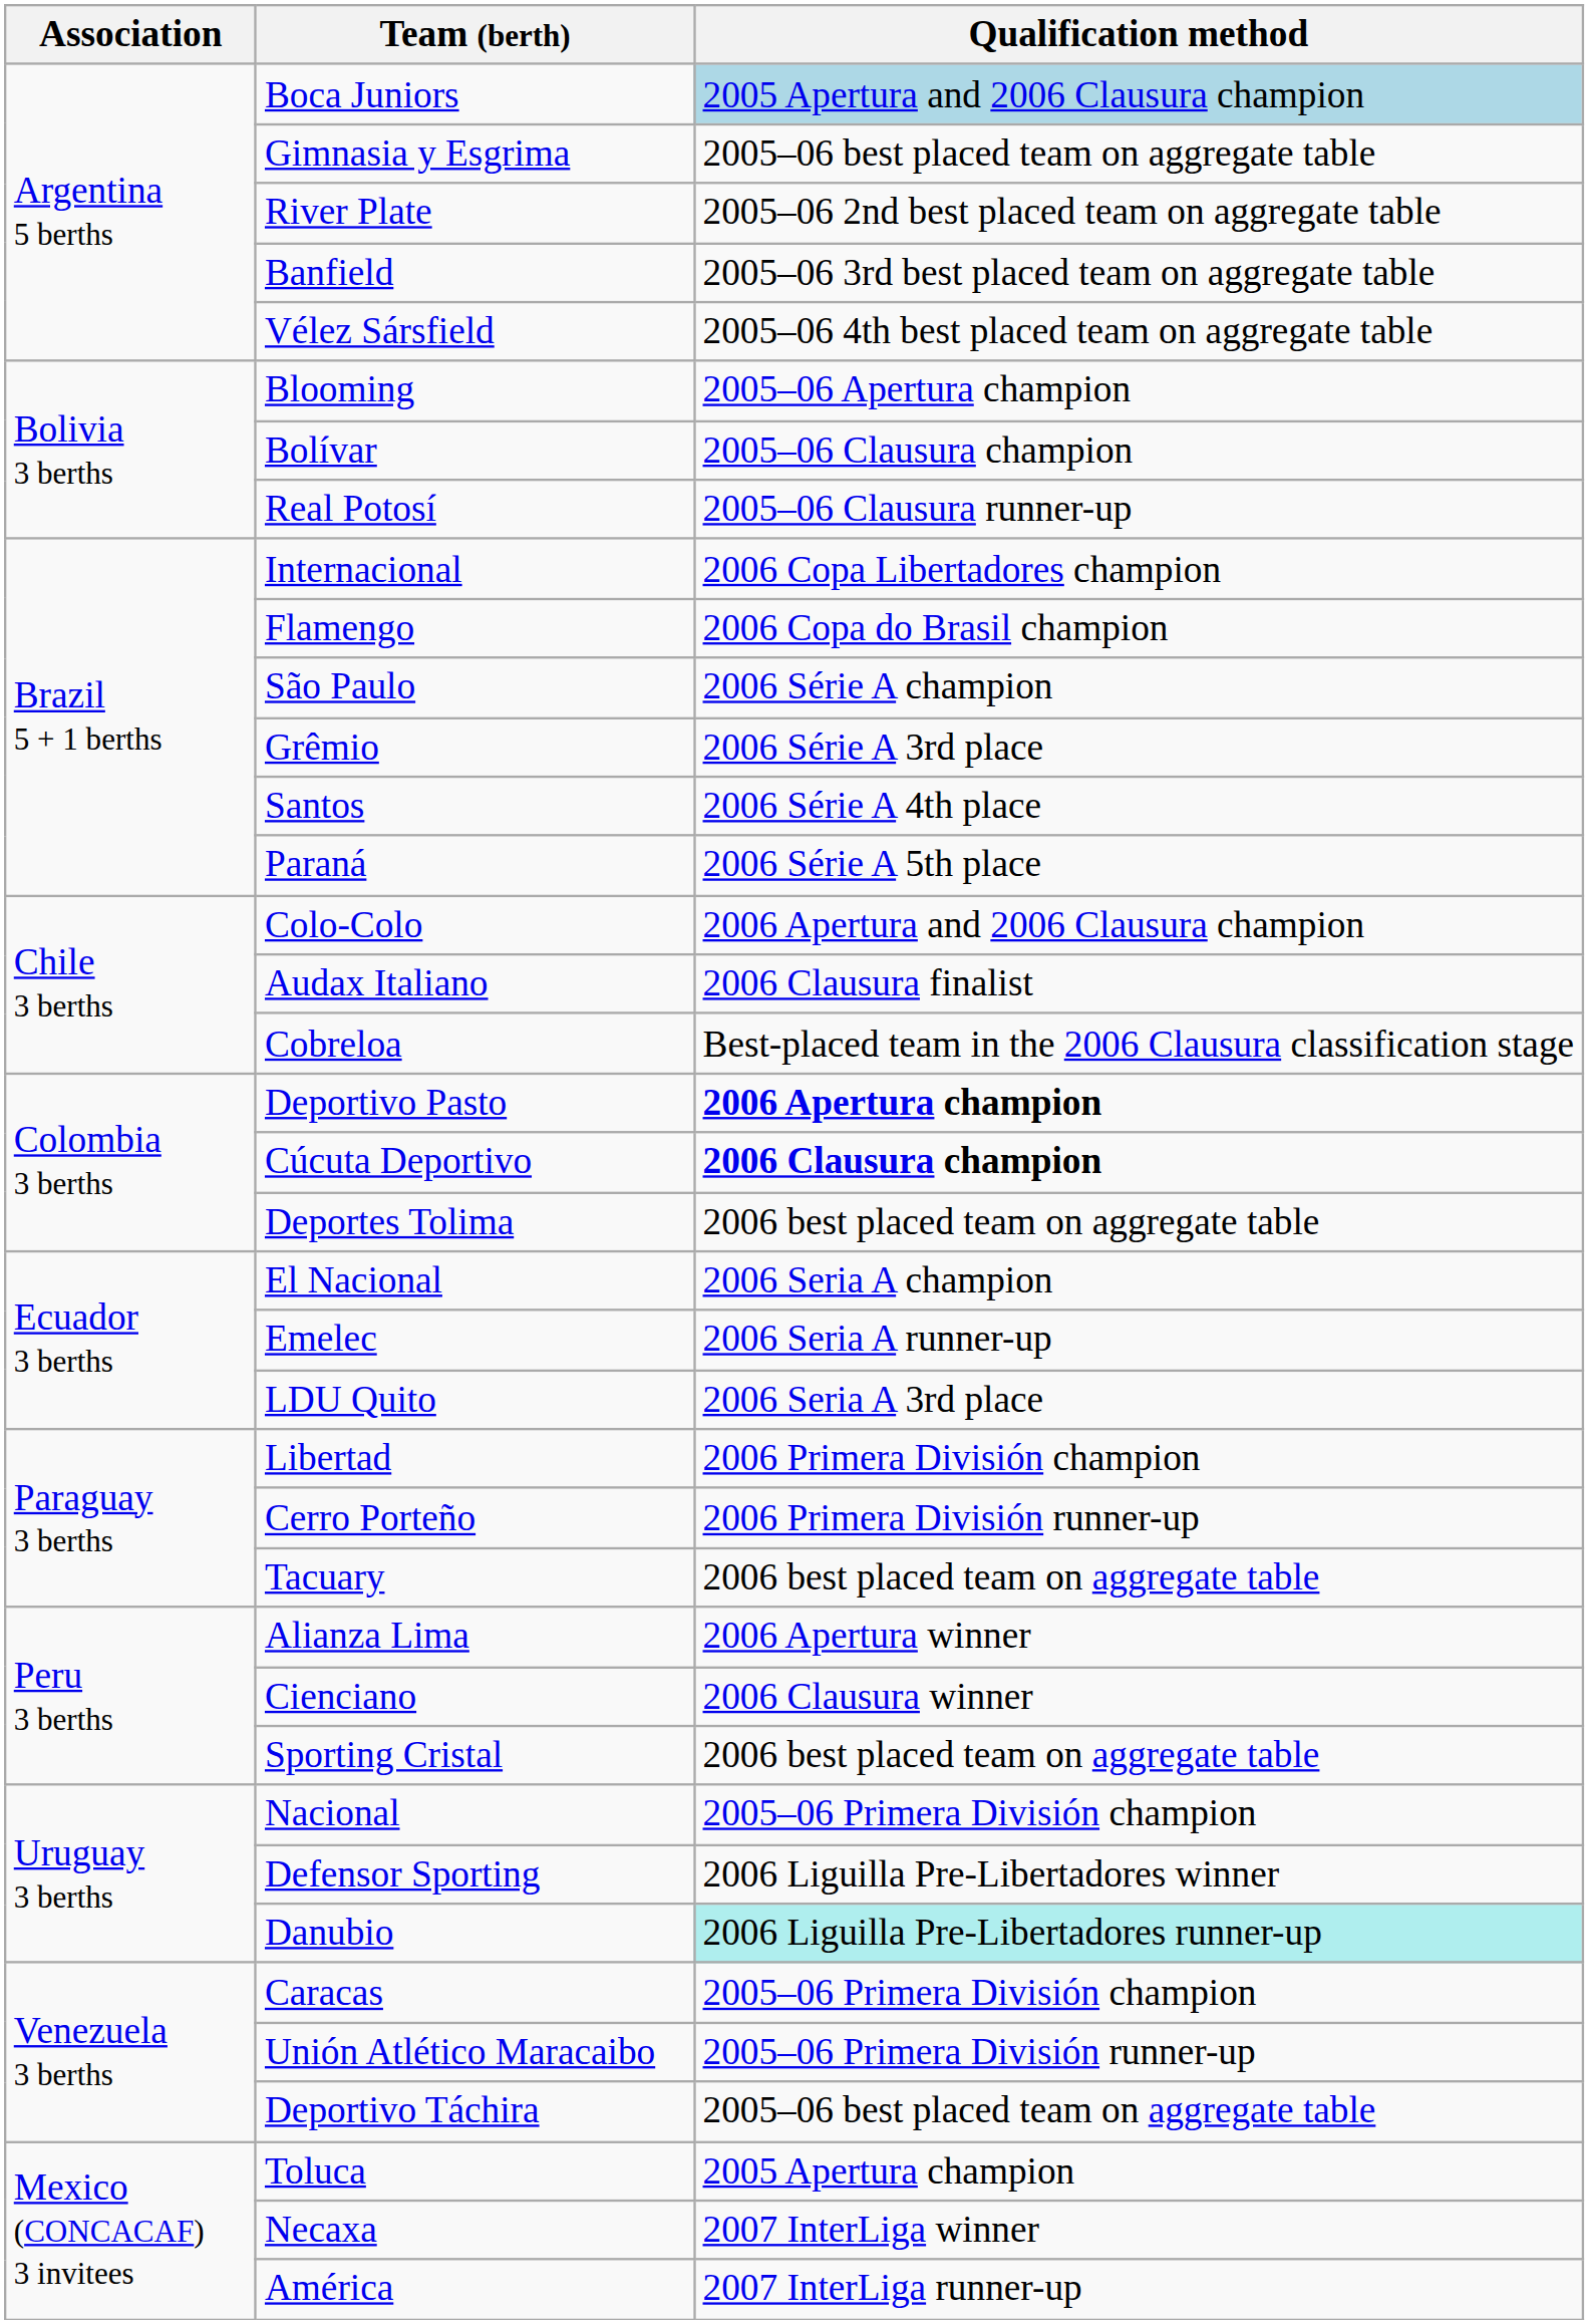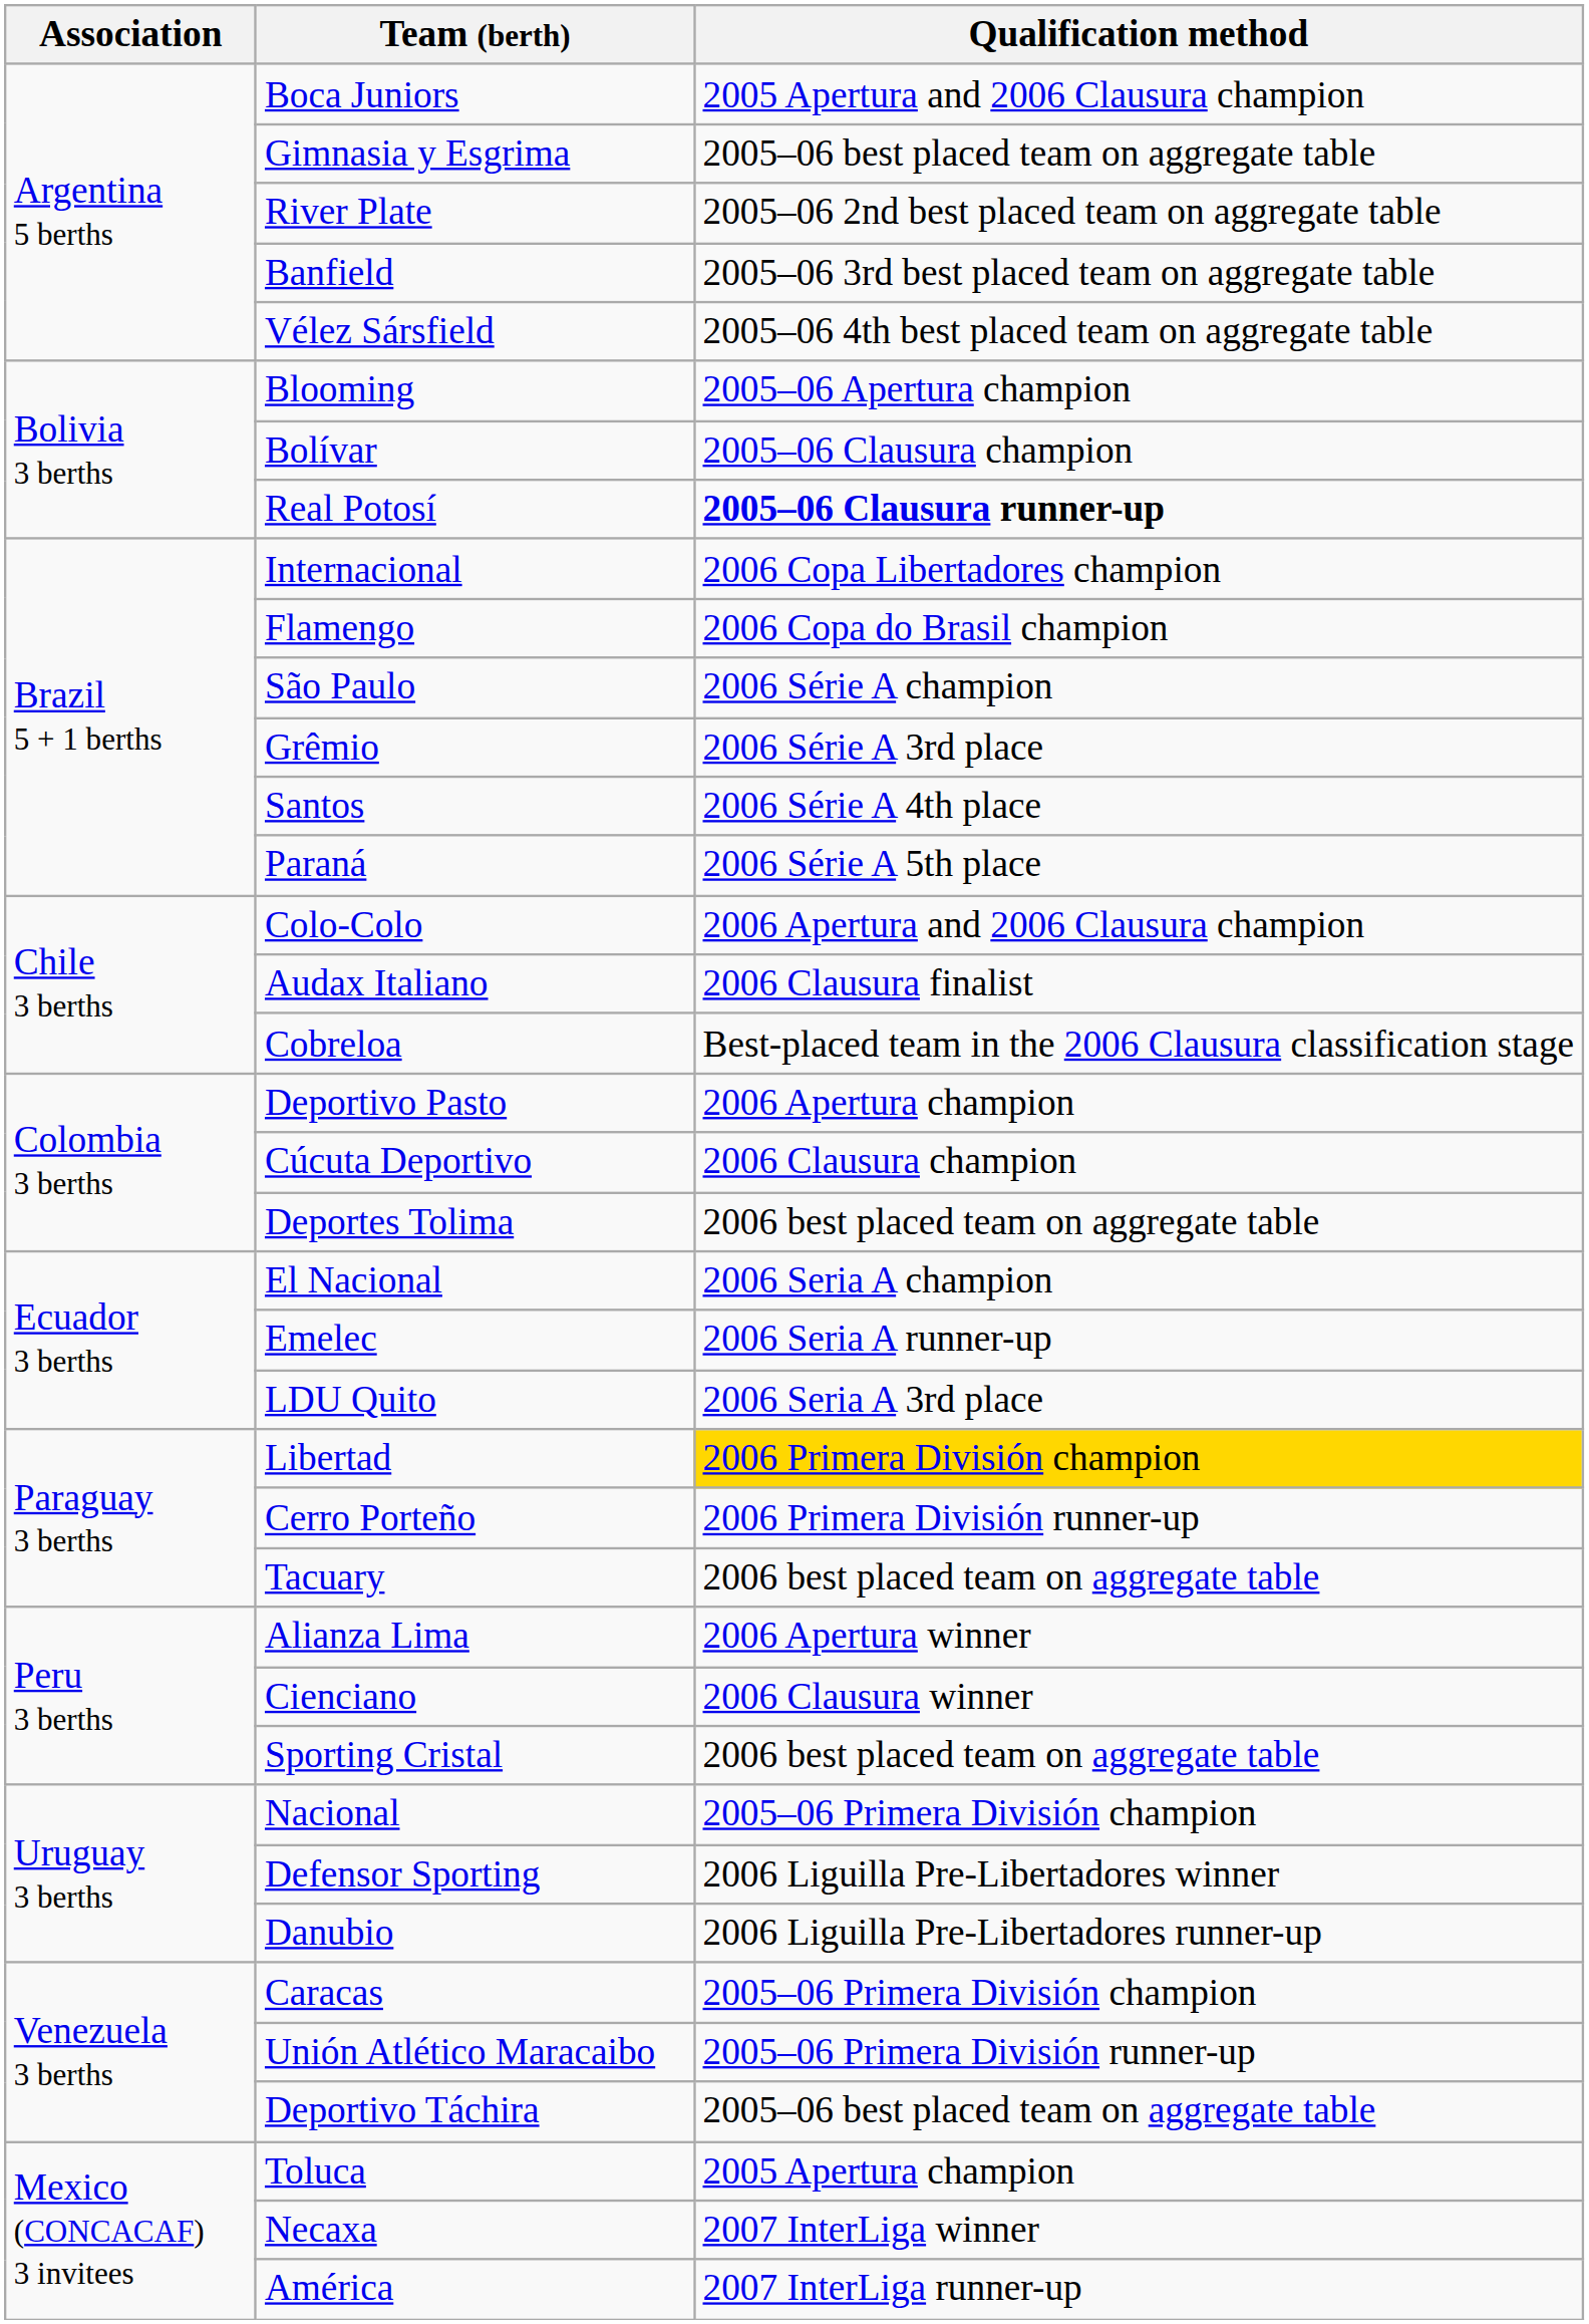 <table class="wikitable">
 <tr>
 <th width=100>Association</th>
 <th width=180>Team <small>(berth)</small></th>
 <th>Qualification method</th>
 </tr>
 <tr>
 <td rowspan="5"> <a href='#'>Argentina</a><br><small>5 berths</small></td>
 <td><a href='#'>Boca Juniors</a></td>
-<td style="background: lightblue;"><a href='#'>2005 Apertura</a> and <a href='#'>2006 Clausura</a> champion</td>
+<td><a href='#'>2005 Apertura</a> and <a href='#'>2006 Clausura</a> champion</td>
 </tr>
 <tr>
 <td><a href='#'>Gimnasia y Esgrima</a></td>
 <td>2005–06 best placed team on aggregate table</td>
 </tr>
 <tr>
 <td><a href='#'>River Plate</a></td>
 <td>2005–06 2nd best placed team on aggregate table</td>
 </tr>
 <tr>
 <td><a href='#'>Banfield</a></td>
 <td>2005–06 3rd best placed team on aggregate table</td>
 </tr>
 <tr>
 <td><a href='#'>Vélez Sársfield</a></td>
 <td>2005–06 4th best placed team on aggregate table</td>
 </tr>
 <tr>
 <td rowspan="3"> <a href='#'>Bolivia</a><br><small>3 berths</small></td>
 <td><a href='#'>Blooming</a></td>
 <td><a href='#'>2005–06 Apertura</a> champion</td>
 </tr>
 <tr>
 <td><a href='#'>Bolívar</a></td>
 <td><a href='#'>2005–06 Clausura</a> champion</td>
 </tr>
 <tr>
 <td><a href='#'>Real Potosí</a></td>
-<td><a href='#'>2005–06 Clausura</a> runner-up</td>
+<td><strong><a href='#'>2005–06 Clausura</a> runner-up</strong></td>
 </tr>
 <tr>
 <td rowspan="6"> <a href='#'>Brazil</a><br><small>5 + 1 berths</small></td>
 <td><a href='#'>Internacional</a></td>
 <td><a href='#'>2006 Copa Libertadores</a> champion</td>
 </tr>
 <tr>
 <td><a href='#'>Flamengo</a></td>
 <td><a href='#'>2006 Copa do Brasil</a> champion</td>
 </tr>
 <tr>
 <td><a href='#'>São Paulo</a></td>
 <td><a href='#'>2006 Série A</a> champion</td>
 </tr>
 <tr>
 <td><a href='#'>Grêmio</a></td>
 <td><a href='#'>2006 Série A</a> 3rd place</td>
 </tr>
 <tr>
 <td><a href='#'>Santos</a></td>
 <td><a href='#'>2006 Série A</a> 4th place</td>
 </tr>
 <tr>
 <td><a href='#'>Paraná</a></td>
 <td><a href='#'>2006 Série A</a> 5th place</td>
 </tr>
 <tr>
 <td rowspan="3"> <a href='#'>Chile</a><br><small>3 berths</small></td>
 <td><a href='#'>Colo-Colo</a></td>
 <td><a href='#'>2006 Apertura</a> and <a href='#'>2006 Clausura</a> champion</td>
 </tr>
 <tr>
 <td><a href='#'>Audax Italiano</a></td>
 <td><a href='#'>2006 Clausura</a> finalist</td>
 </tr>
 <tr>
 <td><a href='#'>Cobreloa</a></td>
 <td>Best-placed team in the <a href='#'>2006 Clausura</a> classification stage</td>
 </tr>
 <tr>
 <td rowspan="3"> <a href='#'>Colombia</a><br><small>3 berths</small></td>
 <td><a href='#'>Deportivo Pasto</a></td>
-<td><strong><a href='#'>2006 Apertura</a> champion</strong></td>
+<td><a href='#'>2006 Apertura</a> champion</td>
 </tr>
 <tr>
 <td><a href='#'>Cúcuta Deportivo</a></td>
-<td><strong><a href='#'>2006 Clausura</a> champion</strong></td>
+<td><a href='#'>2006 Clausura</a> champion</td>
 </tr>
 <tr>
 <td><a href='#'>Deportes Tolima</a></td>
 <td>2006 best placed team on aggregate table</td>
 </tr>
 <tr>
 <td rowspan="3"> <a href='#'>Ecuador</a><br><small>3 berths</small></td>
 <td><a href='#'>El Nacional</a></td>
 <td><a href='#'>2006 Seria A</a> champion</td>
 </tr>
 <tr>
 <td><a href='#'>Emelec</a></td>
 <td><a href='#'>2006 Seria A</a> runner-up</td>
 </tr>
 <tr>
 <td><a href='#'>LDU Quito</a></td>
 <td><a href='#'>2006 Seria A</a> 3rd place</td>
 </tr>
 <tr>
 <td rowspan="3"> <a href='#'>Paraguay</a><br><small>3 berths</small></td>
 <td><a href='#'>Libertad</a></td>
-<td><a href='#'>2006 Primera División</a> champion</td>
+<td style="background: gold;"><a href='#'>2006 Primera División</a> champion</td>
 </tr>
 <tr>
 <td><a href='#'>Cerro Porteño</a></td>
 <td><a href='#'>2006 Primera División</a> runner-up</td>
 </tr>
 <tr>
 <td><a href='#'>Tacuary</a></td>
 <td>2006 best placed team on <a href='#'>aggregate table</a></td>
 </tr>
 <tr>
 <td rowspan="3"> <a href='#'>Peru</a><br><small>3 berths</small></td>
 <td><a href='#'>Alianza Lima</a></td>
 <td><a href='#'>2006 Apertura</a> winner</td>
 </tr>
 <tr>
 <td><a href='#'>Cienciano</a></td>
 <td><a href='#'>2006 Clausura</a> winner</td>
 </tr>
 <tr>
 <td><a href='#'>Sporting Cristal</a></td>
 <td>2006 best placed team on <a href='#'>aggregate table</a></td>
 </tr>
 <tr>
 <td rowspan="3"> <a href='#'>Uruguay</a><br><small>3 berths</small></td>
 <td><a href='#'>Nacional</a></td>
 <td><a href='#'>2005–06 Primera División</a> champion</td>
 </tr>
 <tr>
 <td><a href='#'>Defensor Sporting</a></td>
 <td>2006 Liguilla Pre-Libertadores winner</td>
 </tr>
 <tr>
 <td><a href='#'>Danubio</a></td>
-<td style="background: paleturquoise;">2006 Liguilla Pre-Libertadores runner-up</td>
+<td>2006 Liguilla Pre-Libertadores runner-up</td>
 </tr>
 <tr runner>
 <td rowspan="3"> <a href='#'>Venezuela</a><br><small>3 berths</small></td>
 <td><a href='#'>Caracas</a></td>
 <td><a href='#'>2005–06 Primera División</a> champion</td>
 </tr>
 <tr>
 <td><a href='#'>Unión Atlético Maracaibo</a></td>
 <td><a href='#'>2005–06 Primera División</a> runner-up</td>
 </tr>
 <tr>
 <td><a href='#'>Deportivo Táchira</a></td>
 <td>2005–06 best placed team on <a href='#'>aggregate table</a></td>
 </tr>
 <tr>
 <td rowspan="3"> <a href='#'>Mexico</a><br><small>(<a href='#'>CONCACAF</a>)<br>3 invitees</small></td>
 <td><a href='#'>Toluca</a></td>
 <td><a href='#'>2005 Apertura</a> champion</td>
 </tr>
 <tr>
 <td><a href='#'>Necaxa</a></td>
 <td><a href='#'>2007 InterLiga</a> winner</td>
 </tr>
 <tr>
 <td><a href='#'>América</a></td>
 <td><a href='#'>2007 InterLiga</a> runner-up</td>
 </tr>
 </table>
